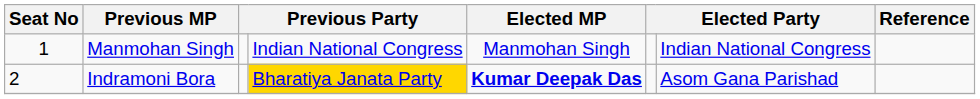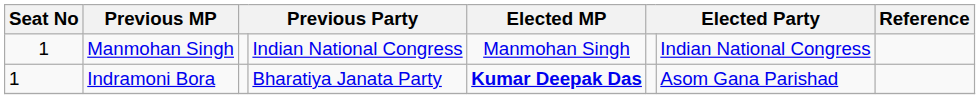 <table class="wikitable">
 <tr>
 <th>Seat No</th>
 <th>Previous MP</th>
 <th colspan=2>Previous Party</th>
 <th>Elected MP</th>
 <th colspan=2>Elected Party</th>
 <th>Reference</th>
 </tr>
 <tr style="text-align:center;">
 <td>1</td>
 <td><a href='#'>Manmohan Singh</a></td>
 <td></td>
 <td><a href='#'>Indian National Congress</a></td>
 <td><a href='#'>Manmohan Singh</a></td>
 <td></td>
 <td><a href='#'>Indian National Congress</a></td>
 <td></td>
 </tr>
 <tr>
-<td>2</td>
+<td>1</td>
 <td><a href='#'>Indramoni Bora</a></td>
 <td width="1px"></td>
-<td style="background: gold;"><a href='#'>Bharatiya Janata Party</a></td>
+<td><a href='#'>Bharatiya Janata Party</a></td>
 <td><strong><a href='#'>Kumar Deepak Das</a></strong></td>
 <td width="1px"></td>
 <td><a href='#'>Asom Gana Parishad</a></td>
 <td></td>
 </tr>
 <tr>
 </tr>
 </table>
